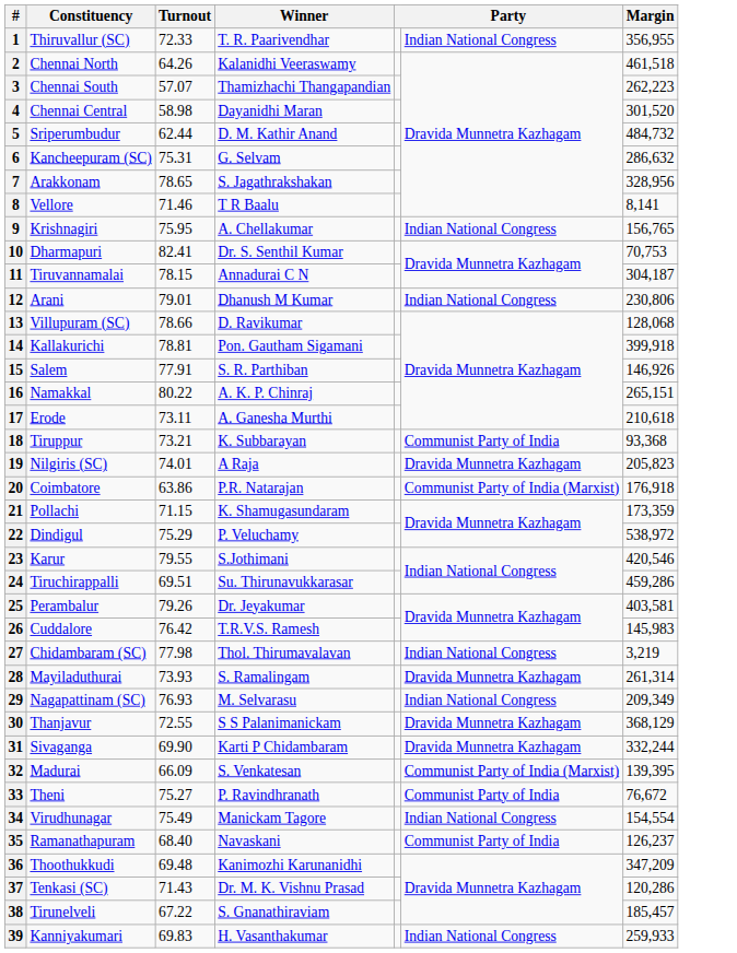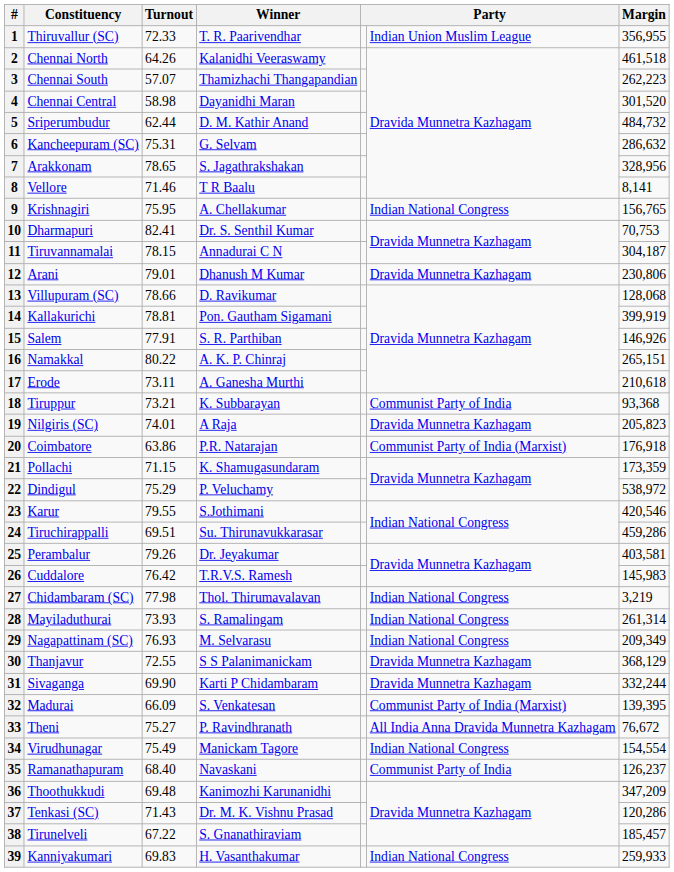 <table class="wikitable sortable">
 <tr>
 <th>#</th>
 <th>Constituency</th>
 <th>Turnout</th>
 <th>Winner</th>
 <th colspan="2">Party</th>
 <th>Margin</th>
 </tr>
 <tr>
 <th>1</th>
 <td><a href='#'>Thiruvallur (SC)</a></td>
 <td>72.33 </td>
 <td><a href='#'>T. R. Paarivendhar</a></td>
 <td></td>
-<td><a href='#'>Indian National Congress</a></td>
+<td><a href='#'>Indian Union Muslim League</a></td>
 <td>356,955</td>
 </tr>
 <tr>
 <th>2</th>
 <td><a href='#'>Chennai North</a></td>
 <td>64.26 </td>
 <td><a href='#'>Kalanidhi Veeraswamy</a></td>
 <td></td>
 <td rowspan=7><a href='#'>Dravida Munnetra Kazhagam</a></td>
 <td>461,518</td>
 </tr>
 <tr>
 <th>3</th>
 <td><a href='#'>Chennai South</a></td>
 <td>57.07 </td>
 <td><a href='#'>Thamizhachi Thangapandian</a></td>
 <td></td>
 <td>262,223</td>
 </tr>
 <tr>
 <th>4</th>
 <td><a href='#'>Chennai Central</a></td>
 <td>58.98 </td>
 <td><a href='#'>Dayanidhi Maran</a></td>
 <td></td>
 <td>301,520</td>
 </tr>
 <tr>
 <th>5</th>
 <td><a href='#'>Sriperumbudur</a></td>
 <td>62.44 </td>
 <td><a href='#'>D. M. Kathir Anand</a></td>
 <td></td>
 <td>484,732</td>
 </tr>
 <tr>
 <th>6</th>
 <td><a href='#'>Kancheepuram (SC)</a></td>
 <td>75.31 </td>
 <td><a href='#'>G. Selvam</a></td>
 <td></td>
 <td>286,632</td>
 </tr>
 <tr>
 <th>7</th>
 <td><a href='#'>Arakkonam</a></td>
 <td>78.65 </td>
 <td><a href='#'>S. Jagathrakshakan</a></td>
 <td></td>
 <td>328,956</td>
 </tr>
 <tr>
 <th>8</th>
 <td><a href='#'>Vellore</a></td>
 <td>71.46 </td>
 <td><a href='#'>T R Baalu</a></td>
 <td></td>
 <td>8,141</td>
 </tr>
 <tr>
 <th>9</th>
 <td><a href='#'>Krishnagiri</a></td>
 <td>75.95 </td>
 <td><a href='#'>A. Chellakumar</a></td>
 <td></td>
 <td><a href='#'>Indian National Congress</a></td>
 <td>156,765</td>
 </tr>
 <tr>
 <th>10</th>
 <td><a href='#'>Dharmapuri</a></td>
 <td>82.41 </td>
 <td><a href='#'>Dr. S. Senthil Kumar</a></td>
 <td></td>
 <td rowspan=2><a href='#'>Dravida Munnetra Kazhagam</a></td>
 <td>70,753</td>
 </tr>
 <tr>
 <th>11</th>
 <td><a href='#'>Tiruvannamalai</a></td>
 <td>78.15 </td>
 <td><a href='#'>Annadurai C N</a></td>
 <td></td>
 <td>304,187</td>
 </tr>
 <tr>
 <th>12</th>
 <td><a href='#'>Arani</a></td>
 <td>79.01 </td>
 <td><a href='#'>Dhanush M Kumar</a></td>
 <td></td>
-<td><a href='#'>Indian National Congress</a></td>
+<td><a href='#'>Dravida Munnetra Kazhagam</a></td>
 <td>230,806</td>
 </tr>
 <tr>
 <th>13</th>
 <td><a href='#'>Villupuram (SC)</a></td>
 <td>78.66 </td>
 <td><a href='#'>D. Ravikumar</a></td>
 <td></td>
 <td rowspan=5><a href='#'>Dravida Munnetra Kazhagam</a></td>
 <td>128,068</td>
 </tr>
 <tr>
 <th>14</th>
 <td><a href='#'>Kallakurichi</a></td>
 <td>78.81 </td>
 <td><a href='#'>Pon. Gautham Sigamani</a></td>
 <td></td>
-<td>399,918</td>
+<td>399,919</td>
 </tr>
 <tr>
 <th>15</th>
 <td><a href='#'>Salem</a></td>
 <td>77.91 </td>
 <td><a href='#'>S. R. Parthiban</a></td>
 <td></td>
 <td>146,926</td>
 </tr>
 <tr>
 <th>16</th>
 <td><a href='#'>Namakkal</a></td>
 <td>80.22 </td>
 <td><a href='#'>A. K. P. Chinraj</a></td>
 <td></td>
 <td>265,151</td>
 </tr>
 <tr>
 <th>17</th>
 <td><a href='#'>Erode</a></td>
 <td>73.11 </td>
 <td><a href='#'>A. Ganesha Murthi</a></td>
 <td></td>
 <td>210,618</td>
 </tr>
 <tr>
 <th>18</th>
 <td><a href='#'>Tiruppur</a></td>
 <td>73.21 </td>
 <td><a href='#'>K. Subbarayan</a></td>
 <td></td>
 <td><a href='#'>Communist Party of India</a></td>
 <td>93,368</td>
 </tr>
 <tr>
 <th>19</th>
 <td><a href='#'>Nilgiris (SC)</a></td>
 <td>74.01 </td>
 <td><a href='#'>A Raja</a></td>
 <td></td>
 <td><a href='#'>Dravida Munnetra Kazhagam</a></td>
 <td>205,823</td>
 </tr>
 <tr>
 <th>20</th>
 <td><a href='#'>Coimbatore</a></td>
 <td>63.86 </td>
 <td><a href='#'>P.R. Natarajan</a></td>
 <td></td>
 <td><a href='#'>Communist Party of India (Marxist)</a></td>
 <td>176,918</td>
 </tr>
 <tr>
 <th>21</th>
 <td><a href='#'>Pollachi</a></td>
 <td>71.15 </td>
 <td><a href='#'>K. Shamugasundaram</a></td>
 <td></td>
 <td rowspan=2><a href='#'>Dravida Munnetra Kazhagam</a></td>
 <td>173,359</td>
 </tr>
 <tr>
 <th>22</th>
 <td><a href='#'>Dindigul</a></td>
 <td>75.29 </td>
 <td><a href='#'>P. Veluchamy</a></td>
 <td></td>
 <td>538,972</td>
 </tr>
 <tr>
 <th>23</th>
 <td><a href='#'>Karur</a></td>
 <td>79.55 </td>
 <td><a href='#'>S.Jothimani</a></td>
 <td></td>
 <td rowspan=2><a href='#'>Indian National Congress</a></td>
 <td>420,546</td>
 </tr>
 <tr>
 <th>24</th>
 <td><a href='#'>Tiruchirappalli</a></td>
 <td>69.51 </td>
 <td><a href='#'>Su. Thirunavukkarasar</a></td>
 <td></td>
 <td>459,286</td>
 </tr>
 <tr>
 <th>25</th>
 <td><a href='#'>Perambalur</a></td>
 <td>79.26 </td>
 <td><a href='#'>Dr. Jeyakumar</a></td>
 <td></td>
 <td rowspan=2><a href='#'>Dravida Munnetra Kazhagam</a></td>
 <td>403,581</td>
 </tr>
 <tr>
 <th>26</th>
 <td><a href='#'>Cuddalore</a></td>
 <td>76.42 </td>
 <td><a href='#'>T.R.V.S. Ramesh</a></td>
 <td></td>
 <td>145,983</td>
 </tr>
 <tr>
 <th>27</th>
 <td><a href='#'>Chidambaram (SC)</a></td>
 <td>77.98 </td>
 <td><a href='#'>Thol. Thirumavalavan</a></td>
 <td></td>
 <td><a href='#'>Indian National Congress</a></td>
 <td>3,219</td>
 </tr>
 <tr>
 <th>28</th>
 <td><a href='#'>Mayiladuthurai</a></td>
 <td>73.93 </td>
 <td><a href='#'>S. Ramalingam</a></td>
 <td></td>
-<td><a href='#'>Dravida Munnetra Kazhagam</a></td>
+<td><a href='#'>Indian National Congress</a></td>
 <td>261,314</td>
 </tr>
 <tr>
 <th>29</th>
 <td><a href='#'>Nagapattinam (SC)</a></td>
 <td>76.93 </td>
 <td><a href='#'>M. Selvarasu</a></td>
 <td></td>
 <td><a href='#'>Indian National Congress</a></td>
 <td>209,349</td>
 </tr>
 <tr>
 <th>30</th>
 <td><a href='#'>Thanjavur</a></td>
 <td>72.55 </td>
 <td><a href='#'>S S Palanimanickam</a></td>
 <td></td>
 <td><a href='#'>Dravida Munnetra Kazhagam</a></td>
 <td>368,129</td>
 </tr>
 <tr>
 <th>31</th>
 <td><a href='#'>Sivaganga</a></td>
 <td>69.90 </td>
 <td><a href='#'>Karti P Chidambaram</a></td>
 <td></td>
 <td><a href='#'>Dravida Munnetra Kazhagam</a></td>
 <td>332,244</td>
 </tr>
 <tr>
 <th>32</th>
 <td><a href='#'>Madurai</a></td>
 <td>66.09 </td>
 <td><a href='#'>S. Venkatesan</a></td>
 <td></td>
 <td><a href='#'>Communist Party of India (Marxist)</a></td>
 <td>139,395</td>
 </tr>
 <tr>
 <th>33</th>
 <td><a href='#'>Theni</a></td>
 <td>75.27 </td>
 <td><a href='#'>P. Ravindhranath</a></td>
 <td></td>
-<td><a href='#'>Communist Party of India</a></td>
+<td><a href='#'>All India Anna Dravida Munnetra Kazhagam</a></td>
 <td>76,672</td>
 </tr>
 <tr>
 <th>34</th>
 <td><a href='#'>Virudhunagar</a></td>
 <td>75.49 </td>
 <td><a href='#'>Manickam Tagore</a></td>
 <td></td>
 <td><a href='#'>Indian National Congress</a></td>
 <td>154,554</td>
 </tr>
 <tr>
 <th>35</th>
 <td><a href='#'>Ramanathapuram</a></td>
 <td>68.40 </td>
 <td><a href='#'>Navaskani</a></td>
 <td></td>
 <td><a href='#'>Communist Party of India</a></td>
 <td>126,237</td>
 </tr>
 <tr>
 <th>36</th>
 <td><a href='#'>Thoothukkudi</a></td>
 <td>69.48 </td>
 <td><a href='#'>Kanimozhi Karunanidhi</a></td>
 <td></td>
 <td rowspan=3><a href='#'>Dravida Munnetra Kazhagam</a></td>
 <td>347,209</td>
 </tr>
 <tr>
 <th>37</th>
 <td><a href='#'>Tenkasi (SC)</a></td>
 <td>71.43 </td>
 <td><a href='#'>Dr. M. K. Vishnu Prasad</a></td>
 <td></td>
 <td>120,286</td>
 </tr>
 <tr>
 <th>38</th>
 <td><a href='#'>Tirunelveli</a></td>
 <td>67.22 </td>
 <td><a href='#'>S. Gnanathiraviam</a></td>
 <td></td>
 <td>185,457</td>
 </tr>
 <tr>
 <th>39</th>
 <td><a href='#'>Kanniyakumari</a></td>
 <td>69.83 </td>
 <td><a href='#'>H. Vasanthakumar</a></td>
 <td></td>
 <td><a href='#'>Indian National Congress</a></td>
 <td>259,933</td>
 </tr>
 </table>
